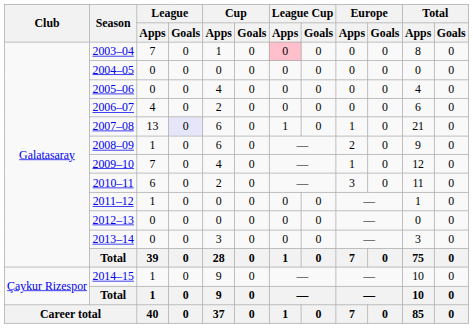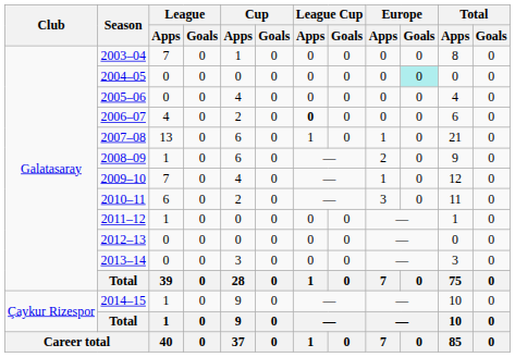 <table class="wikitable" style="text-align: center;">
 <tr>
 <th rowspan="2">Club</th>
 <th rowspan="2">Season</th>
 <th colspan="2">League</th>
 <th colspan="2">Cup</th>
 <th colspan="2">League Cup</th>
 <th colspan="2">Europe</th>
 <th colspan="2">Total</th>
 </tr>
 <tr>
 <th>Apps</th>
 <th>Goals</th>
 <th>Apps</th>
 <th>Goals</th>
 <th>Apps</th>
 <th>Goals</th>
 <th>Apps</th>
 <th>Goals</th>
 <th>Apps</th>
 <th>Goals</th>
 </tr>
 <tr>
 <td rowspan="12" valign="center"><a href='#'>Galatasaray</a></td>
 <td><a href='#'>2003–04</a></td>
 <td>7</td>
 <td>0</td>
 <td>1</td>
 <td>0</td>
-<td style="background: pink;">0</td>
+<td>0</td>
 <td>0</td>
 <td>0</td>
 <td>0</td>
 <td>8</td>
 <td>0</td>
 </tr>
 <tr>
 <td><a href='#'>2004–05</a></td>
 <td>0</td>
 <td>0</td>
 <td>0</td>
 <td>0</td>
 <td>0</td>
 <td>0</td>
 <td>0</td>
-<td>0</td>
+<td style="background: paleturquoise;">0</td>
 <td>0</td>
 <td>0</td>
 </tr>
 <tr>
 <td><a href='#'>2005–06</a></td>
 <td>0</td>
 <td>0</td>
 <td>4</td>
 <td>0</td>
 <td>0</td>
 <td>0</td>
 <td>0</td>
 <td>0</td>
 <td>4</td>
 <td>0</td>
 </tr>
 <tr>
 <td><a href='#'>2006–07</a></td>
 <td>4</td>
 <td>0</td>
 <td>2</td>
 <td>0</td>
-<td>0</td>
+<td><strong>0</strong></td>
 <td>0</td>
 <td>0</td>
 <td>0</td>
 <td>6</td>
 <td>0</td>
 </tr>
 <tr>
 <td><a href='#'>2007–08</a></td>
 <td>13</td>
-<td style="background: lavender;">0</td>
+<td>0</td>
 <td>6</td>
 <td>0</td>
 <td>1</td>
 <td>0</td>
 <td>1</td>
 <td>0</td>
 <td>21</td>
 <td>0</td>
 </tr>
 <tr>
 <td><a href='#'>2008–09</a></td>
 <td>1</td>
 <td>0</td>
 <td>6</td>
 <td>0</td>
 <td colspan="2">—</td>
 <td>2</td>
 <td>0</td>
 <td>9</td>
 <td>0</td>
 </tr>
 <tr>
 <td><a href='#'>2009–10</a></td>
 <td>7</td>
 <td>0</td>
 <td>4</td>
 <td>0</td>
 <td colspan="2">—</td>
 <td>1</td>
 <td>0</td>
 <td>12</td>
 <td>0</td>
 </tr>
 <tr>
 <td><a href='#'>2010–11</a></td>
 <td>6</td>
 <td>0</td>
 <td>2</td>
 <td>0</td>
 <td colspan="2">—</td>
 <td>3</td>
 <td>0</td>
 <td>11</td>
 <td>0</td>
 </tr>
 <tr>
 <td><a href='#'>2011–12</a></td>
 <td>1</td>
 <td>0</td>
 <td>0</td>
 <td>0</td>
 <td>0</td>
 <td>0</td>
 <td colspan="2">—</td>
 <td>1</td>
 <td>0</td>
 </tr>
 <tr>
 <td><a href='#'>2012–13</a></td>
 <td>0</td>
 <td>0</td>
 <td>0</td>
 <td>0</td>
 <td>0</td>
 <td>0</td>
 <td colspan="2">—</td>
 <td>0</td>
 <td>0</td>
 </tr>
 <tr>
 <td><a href='#'>2013–14</a></td>
 <td>0</td>
 <td>0</td>
 <td>3</td>
 <td>0</td>
 <td>0</td>
 <td>0</td>
 <td colspan="2">—</td>
 <td>3</td>
 <td>0</td>
 </tr>
 <tr>
 <th>Total</th>
 <th>39</th>
 <th>0</th>
 <th>28</th>
 <th>0</th>
 <th>1</th>
 <th>0</th>
 <th>7</th>
 <th>0</th>
 <th>75</th>
 <th>0</th>
 </tr>
 <tr>
 <td rowspan="2" valign="center"><a href='#'>Çaykur Rizespor</a></td>
 <td><a href='#'>2014–15</a></td>
 <td>1</td>
 <td>0</td>
 <td>9</td>
 <td>0</td>
 <td colspan="2">—</td>
 <td colspan="2">—</td>
 <td>10</td>
 <td>0</td>
 </tr>
 <tr>
 <th>Total</th>
 <th>1</th>
 <th>0</th>
 <th>9</th>
 <th>0</th>
 <th colspan="2">—</th>
 <th colspan="2">—</th>
 <th>10</th>
 <th>0</th>
 </tr>
 <tr>
 <th colspan="2">Career total</th>
 <th>40</th>
 <th>0</th>
 <th>37</th>
 <th>0</th>
 <th>1</th>
 <th>0</th>
 <th>7</th>
 <th>0</th>
 <th>85</th>
 <th>0</th>
 </tr>
 </table>
